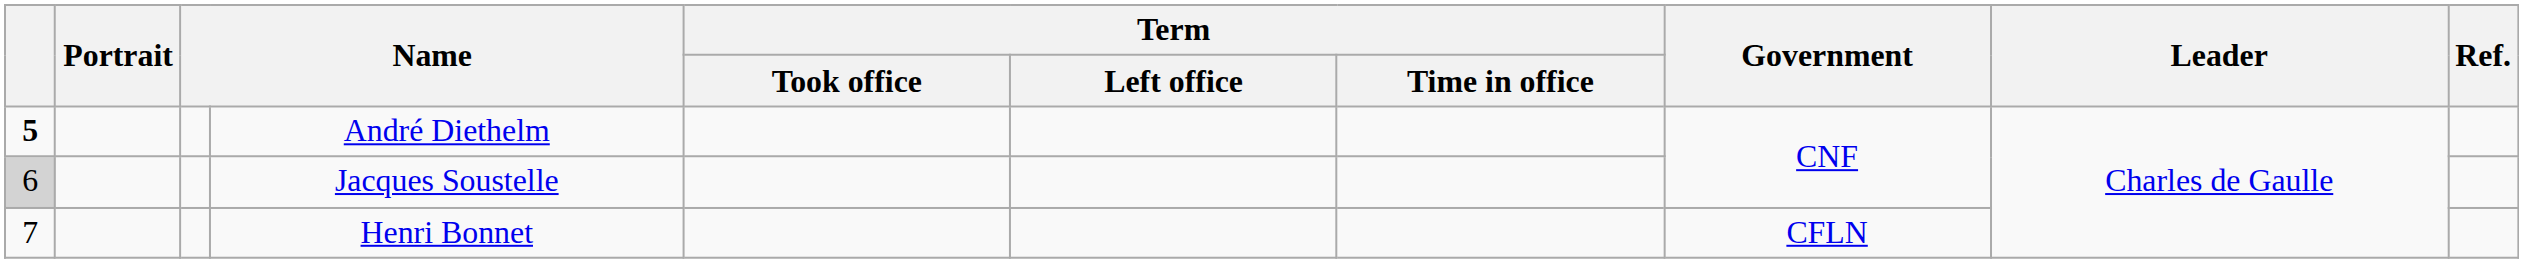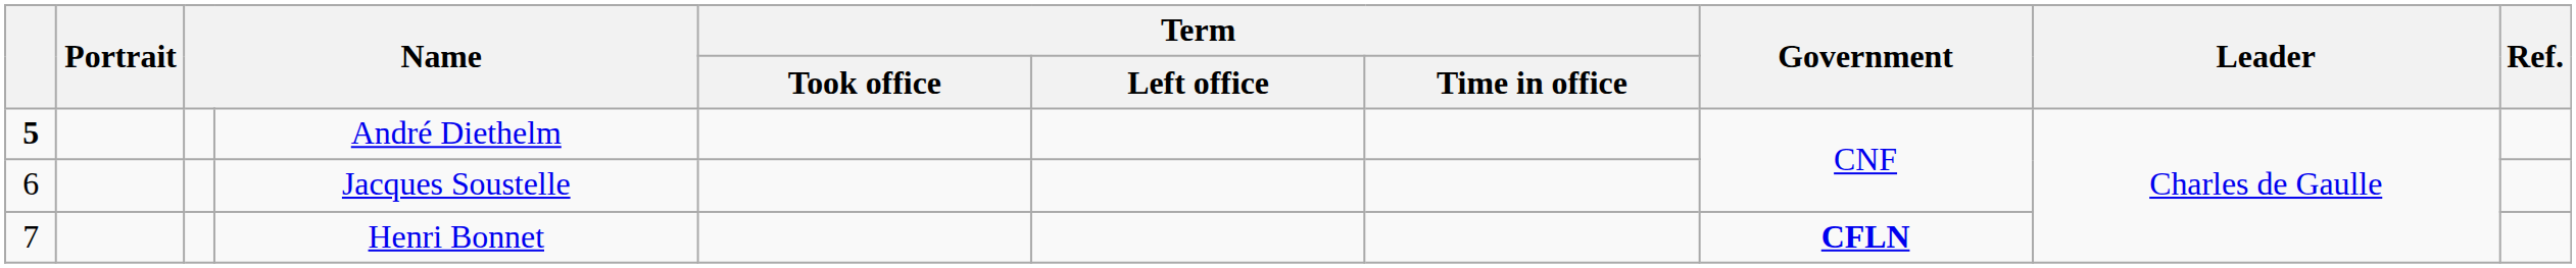 <table class="wikitable" style="text-align:center; width:100%">
 <tr>
 <th style="width:2%" rowspan=2></th>
 <th style="width:5%" rowspan=2>Portrait</th>
 <th style="width:20%" rowspan=2, colspan=2>Name</th>
 <th colspan=3>Term</th>
 <th style="width:13%" rowspan=2>Government</th>
 <th rowspan=2>Leader</th>
 <th style="width:2%" rowspan=2>Ref.</th>
 </tr>
 <tr>
 <th style="width:13%">Took office</th>
 <th style="width:13%">Left office</th>
 <th style="width:13%">Time in office</th>
 </tr>
 <tr>
 <td><strong>5</strong></td>
 <td></td>
 <td style="background:"></td>
 <td><a href='#'>André Diethelm</a></td>
 <td></td>
 <td></td>
 <td></td>
 <td rowspan=2><a href='#'>CNF</a></td>
 <td rowspan=3><a href='#'>Charles de Gaulle</a></td>
 <td></td>
 </tr>
 <tr>
-<td style="background: lightgrey;">6</td>
+<td>6</td>
 <td></td>
 <td style="background:"></td>
 <td><a href='#'>Jacques Soustelle</a></td>
 <td></td>
 <td></td>
 <td></td>
 <td></td>
 </tr>
 <tr>
 <td>7</td>
 <td></td>
 <td style="background:"></td>
 <td><a href='#'>Henri Bonnet</a></td>
 <td></td>
 <td></td>
 <td></td>
-<td><a href='#'>CFLN</a></td>
+<td><strong><a href='#'>CFLN</a></strong></td>
 <td></td>
 </tr>
 </table>
